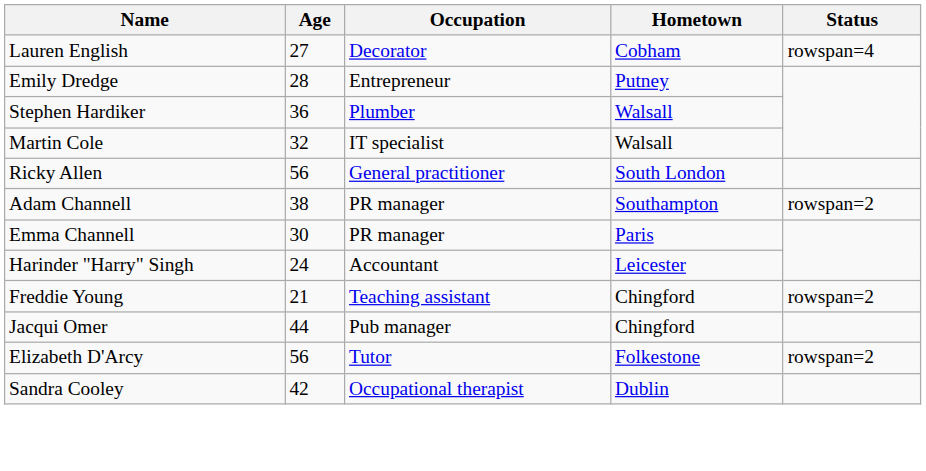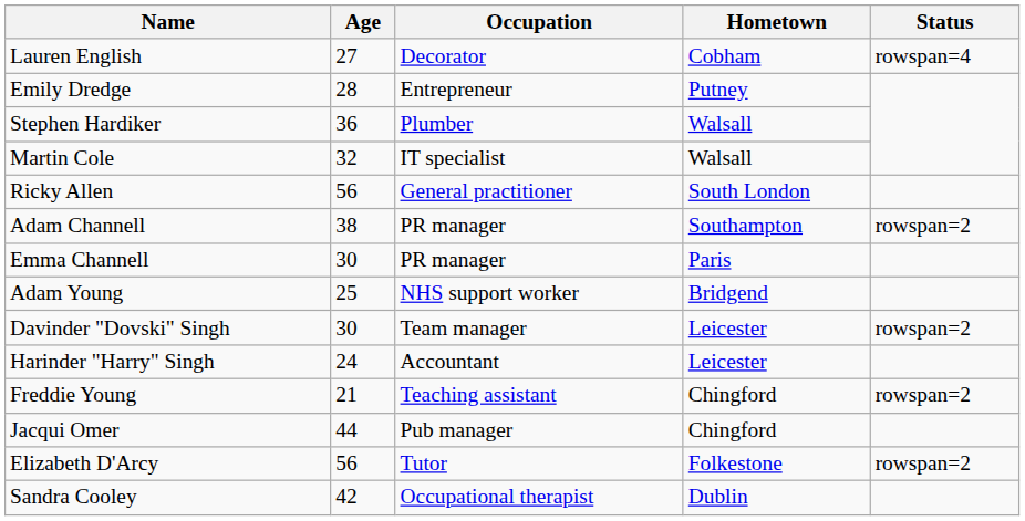 <table class="wikitable sortable" width=60%>
 <tr>
 <th>Name</th>
 <th>Age</th>
 <th>Occupation</th>
 <th>Hometown</th>
 <th>Status</th>
 </tr>
 <tr>
 <td>Lauren English</td>
 <td>27</td>
 <td><a href='#'>Decorator</a></td>
 <td><a href='#'>Cobham</a></td>
 <td>rowspan=4 </td>
 </tr>
 <tr>
 <td>Emily Dredge</td>
 <td>28</td>
 <td>Entrepreneur</td>
 <td><a href='#'>Putney</a></td>
 </tr>
 <tr>
 <td>Stephen Hardiker</td>
 <td>36</td>
 <td><a href='#'>Plumber</a></td>
 <td><a href='#'>Walsall</a></td>
 </tr>
 <tr>
 <td>Martin Cole</td>
 <td>32</td>
 <td>IT specialist</td>
 <td>Walsall</td>
 </tr>
 <tr>
 <td>Ricky Allen</td>
 <td>56</td>
 <td><a href='#'>General practitioner</a></td>
 <td><a href='#'>South London</a></td>
 <td></td>
 </tr>
 <tr>
 <td>Adam Channell</td>
 <td>38</td>
 <td>PR manager</td>
 <td><a href='#'>Southampton</a></td>
 <td>rowspan=2 </td>
 </tr>
 <tr>
 <td>Emma Channell</td>
 <td>30</td>
 <td>PR manager</td>
 <td><a href='#'>Paris</a></td>
 </tr>
 <tr>
+<td>Adam Young</td>
+<td>25</td>
+<td><a href='#'>NHS</a> support worker</td>
+<td><a href='#'>Bridgend</a></td>
+<td></td>
+</tr>
+<tr>
+<td>Davinder "Dovski" Singh</td>
+<td>30</td>
+<td>Team manager</td>
+<td><a href='#'>Leicester</a></td>
+<td>rowspan=2 </td>
+</tr>
+<tr>
 <td>Harinder "Harry" Singh</td>
 <td>24</td>
 <td>Accountant</td>
 <td><a href='#'>Leicester</a></td>
 </tr>
 <tr>
 <td>Freddie Young</td>
 <td>21</td>
 <td><a href='#'>Teaching assistant</a></td>
 <td>Chingford</td>
 <td>rowspan=2 </td>
 </tr>
 <tr>
 <td>Jacqui Omer</td>
 <td>44</td>
 <td>Pub manager</td>
 <td>Chingford</td>
 </tr>
 <tr>
 <td>Elizabeth D'Arcy</td>
 <td>56</td>
 <td><a href='#'>Tutor</a></td>
 <td><a href='#'>Folkestone</a></td>
 <td>rowspan=2 </td>
 </tr>
 <tr>
 <td>Sandra Cooley</td>
 <td>42</td>
 <td><a href='#'>Occupational therapist</a></td>
 <td><a href='#'>Dublin</a></td>
 </tr>
 </table>
